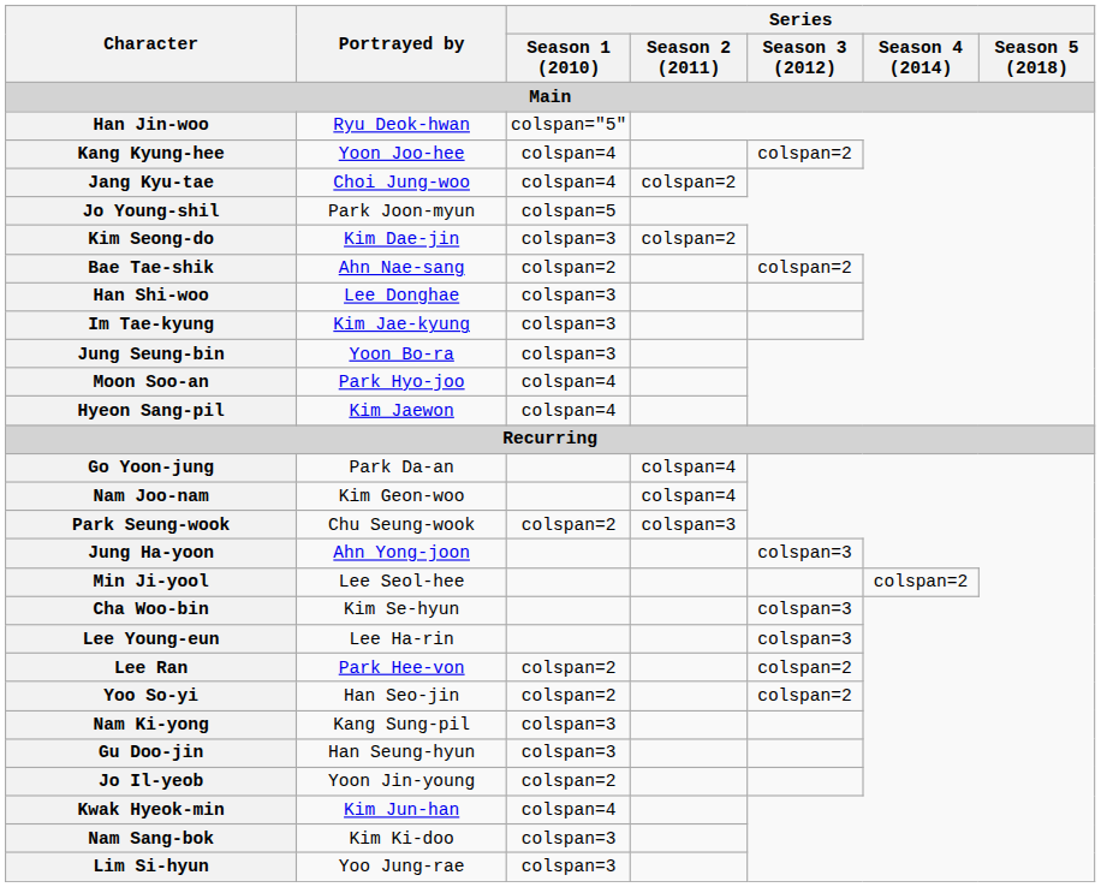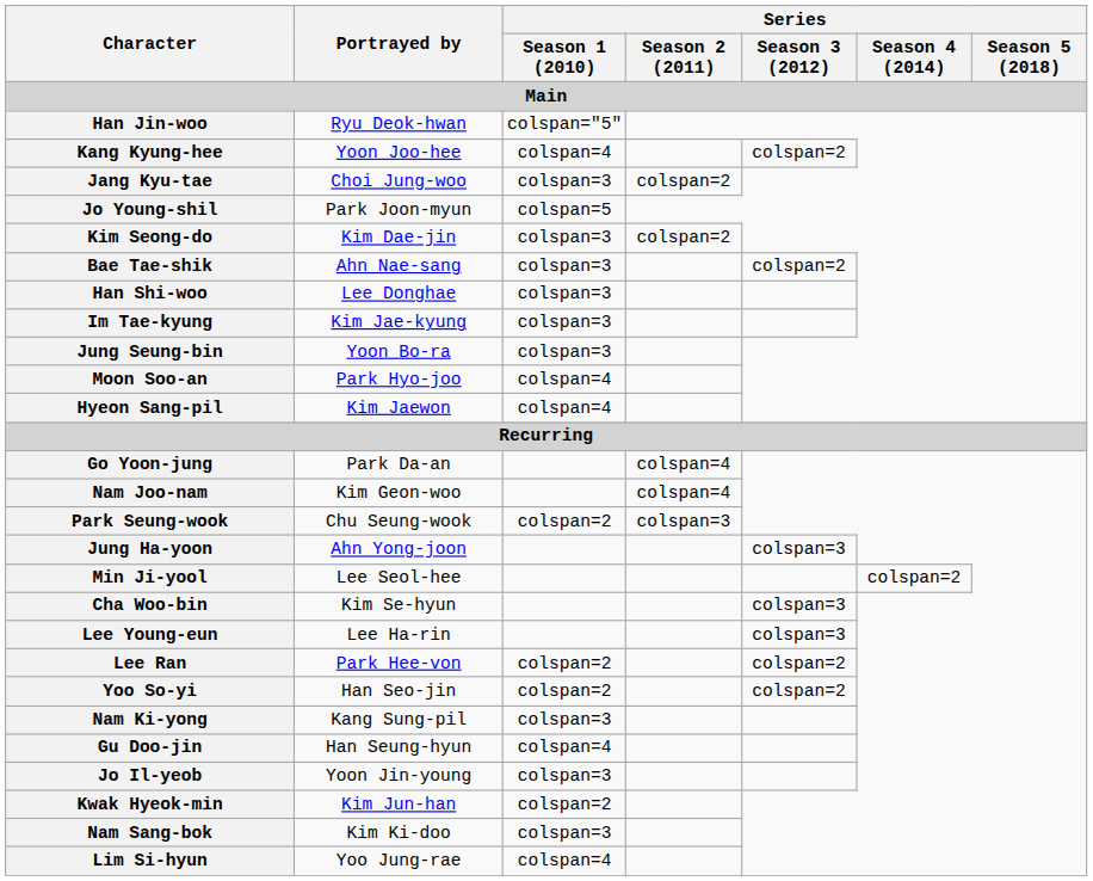 <table class="wikitable" style="text-align:center;">
 <tr>
 <th rowspan="2" style="width:210px;">Character</th>
 <th style="width:150px;" rowspan="2">Portrayed by</th>
 <th colspan="5">Series</th>
 </tr>
 <tr>
 <th style="width:80px;">Season 1<br>(2010)</th>
 <th style="width:80px;">Season 2<br>(2011)</th>
 <th style="width:80px;">Season 3<br>(2012)</th>
 <th style="width:80px;">Season 4<br>(2014)</th>
 <th style="width:80px;">Season 5<br>(2018)</th>
 </tr>
 <tr>
 <th colspan="7" style="background:lightgrey;"><strong>Main</strong></th>
 </tr>
 <tr>
 <th>Han Jin-woo</th>
 <td><a href='#'>Ryu Deok-hwan</a></td>
 <td>colspan="5" </td>
 </tr>
 <tr>
 <th>Kang Kyung-hee</th>
 <td><a href='#'>Yoon Joo-hee</a></td>
 <td>colspan=4 </td>
 <td></td>
 <td>colspan=2 </td>
 </tr>
 <tr>
 <th>Jang Kyu-tae</th>
 <td><a href='#'>Choi Jung-woo</a></td>
-<td>colspan=4 </td>
+<td>colspan=3 </td>
 <td>colspan=2 </td>
 </tr>
 <tr>
 <th>Jo Young-shil</th>
 <td>Park Joon-myun</td>
 <td>colspan=5 </td>
 </tr>
 <tr>
 <th>Kim Seong-do</th>
 <td><a href='#'>Kim Dae-jin</a></td>
 <td>colspan=3 </td>
 <td>colspan=2 </td>
 </tr>
 <tr>
 <th>Bae Tae-shik</th>
 <td><a href='#'>Ahn Nae-sang</a></td>
-<td>colspan=2 </td>
+<td>colspan=3 </td>
 <td></td>
 <td>colspan=2 </td>
 </tr>
 <tr>
 <th>Han Shi-woo</th>
 <td><a href='#'>Lee Donghae</a></td>
 <td>colspan=3 </td>
 <td></td>
 <td></td>
 </tr>
 <tr>
 <th>Im Tae-kyung</th>
 <td><a href='#'>Kim Jae-kyung</a></td>
 <td>colspan=3 </td>
 <td></td>
 <td></td>
 </tr>
 <tr>
 <th>Jung Seung-bin</th>
 <td><a href='#'>Yoon Bo-ra</a></td>
 <td>colspan=3 </td>
 <td></td>
 </tr>
 <tr>
 <th>Moon Soo-an</th>
 <td><a href='#'>Park Hyo-joo</a></td>
 <td>colspan=4 </td>
 <td></td>
 </tr>
 <tr>
 <th>Hyeon Sang-pil</th>
 <td><a href='#'>Kim Jaewon</a></td>
 <td>colspan=4 </td>
 <td></td>
 </tr>
 <tr>
 <th colspan="7" style="background:lightgrey;"><strong>Recurring</strong></th>
 </tr>
 <tr>
 <th>Go Yoon-jung</th>
 <td>Park Da-an</td>
 <td></td>
 <td>colspan=4 </td>
 </tr>
 <tr>
 <th>Nam Joo-nam</th>
 <td>Kim Geon-woo</td>
 <td></td>
 <td>colspan=4 </td>
 </tr>
 <tr>
 <th>Park Seung-wook</th>
 <td>Chu Seung-wook</td>
 <td>colspan=2 </td>
 <td>colspan=3 </td>
 </tr>
 <tr>
 <th>Jung Ha-yoon</th>
 <td><a href='#'>Ahn Yong-joon</a></td>
 <td></td>
 <td></td>
 <td>colspan=3 </td>
 </tr>
 <tr>
 <th>Min Ji-yool</th>
 <td>Lee Seol-hee</td>
 <td></td>
 <td></td>
 <td></td>
 <td>colspan=2 </td>
 </tr>
 <tr>
 <th>Cha Woo-bin</th>
 <td>Kim Se-hyun</td>
 <td></td>
 <td></td>
 <td>colspan=3 </td>
 </tr>
 <tr>
 <th>Lee Young-eun</th>
 <td>Lee Ha-rin</td>
 <td></td>
 <td></td>
 <td>colspan=3 </td>
 </tr>
 <tr>
 <th>Lee Ran</th>
 <td><a href='#'>Park Hee-von</a></td>
 <td>colspan=2 </td>
 <td></td>
 <td>colspan=2 </td>
 </tr>
 <tr>
 <th>Yoo So-yi</th>
 <td>Han Seo-jin</td>
 <td>colspan=2 </td>
 <td></td>
 <td>colspan=2 </td>
 </tr>
 <tr>
 <th>Nam Ki-yong</th>
 <td>Kang Sung-pil</td>
 <td>colspan=3 </td>
 <td></td>
 <td></td>
 </tr>
 <tr>
 <th>Gu Doo-jin</th>
 <td>Han Seung-hyun</td>
-<td>colspan=3 </td>
+<td>colspan=4 </td>
 <td></td>
 <td></td>
 </tr>
 <tr>
 <th>Jo Il-yeob</th>
 <td>Yoon Jin-young</td>
-<td>colspan=2 </td>
+<td>colspan=3 </td>
 <td></td>
 <td></td>
 </tr>
 <tr>
 <th>Kwak Hyeok-min</th>
 <td><a href='#'>Kim Jun-han</a></td>
-<td>colspan=4 </td>
+<td>colspan=2 </td>
 <td></td>
 </tr>
 <tr>
 <th>Nam Sang-bok</th>
 <td>Kim Ki-doo</td>
 <td>colspan=3 </td>
 <td></td>
 </tr>
 <tr>
 <th>Lim Si-hyun</th>
 <td>Yoo Jung-rae</td>
-<td>colspan=3 </td>
+<td>colspan=4 </td>
 <td></td>
 </tr>
 </table>
